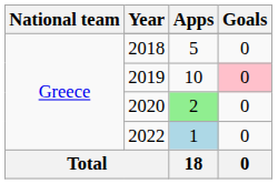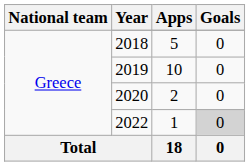 <table class="wikitable" style="text-align:center">
 <tr>
 <th>National team</th>
 <th>Year</th>
 <th>Apps</th>
 <th>Goals</th>
 </tr>
 <tr>
 <td rowspan=5><a href='#'>Greece</a></td>
 </tr>
 <tr>
 <td>2018</td>
 <td>5</td>
 <td>0</td>
 </tr>
 <tr>
 <td>2019</td>
 <td>10</td>
-<td style="background: pink;">0</td>
+<td>0</td>
 </tr>
 <tr>
 <td>2020</td>
-<td style="background: lightgreen;">2</td>
+<td>2</td>
 <td>0</td>
 </tr>
 <tr>
 <td>2022</td>
-<td style="background: lightblue;">1</td>
-<td>0</td>
+<td>1</td>
+<td style="background: lightgrey;">0</td>
 </tr>
 <tr>
 <th colspan="2">Total</th>
 <th>18</th>
 <th>0</th>
 </tr>
 </table>
